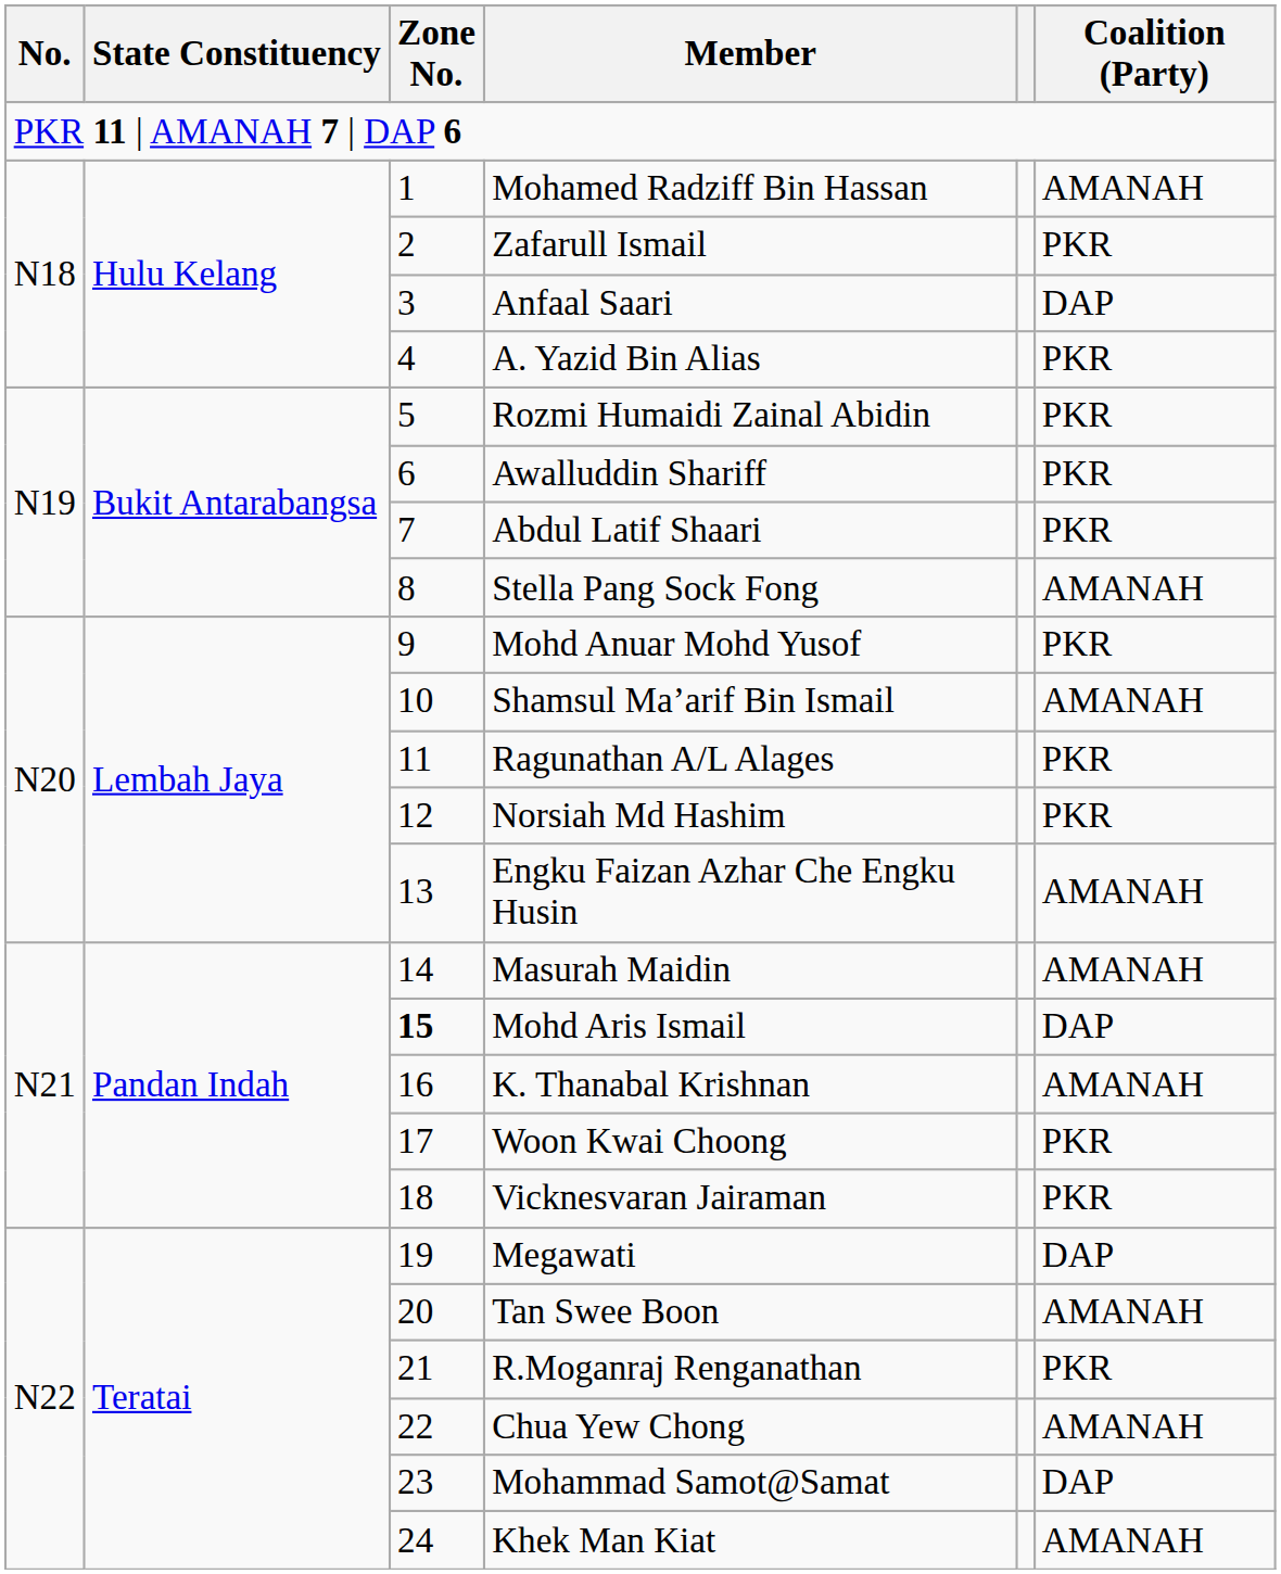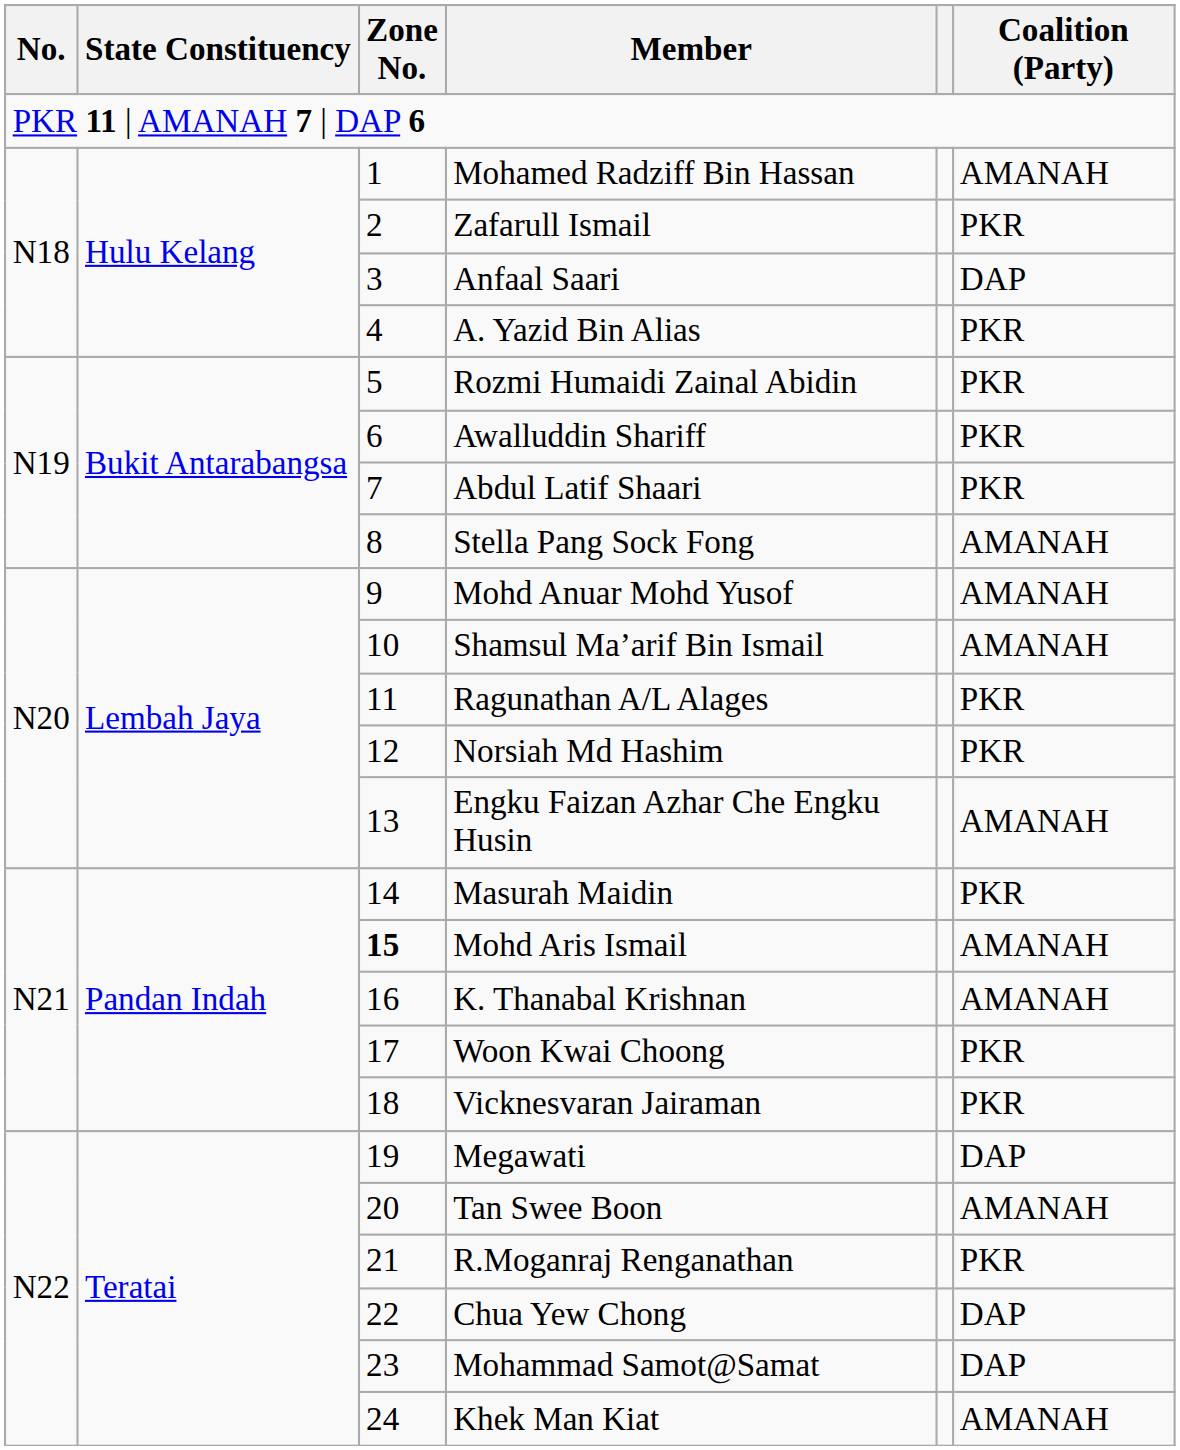 <table class="wikitable">
 <tr>
 <th>No.</th>
 <th>State Constituency</th>
 <th width="30">Zone No.</th>
 <th width="230">Member</th>
 <th></th>
 <th width="100">Coalition (Party)</th>
 </tr>
 <tr>
 <td colspan = "8"><a href='#'>PKR</a> <strong>11</strong> |  <a href='#'>AMANAH</a> <strong>7</strong> | <a href='#'>DAP</a> <strong>6</strong></td>
 </tr>
 <tr>
 <td rowspan="4">N18</td>
 <td rowspan="4"><a href='#'>Hulu Kelang</a></td>
 <td>1</td>
 <td>Mohamed Radziff Bin Hassan</td>
 <td style="background:"></td>
 <td>AMANAH</td>
 </tr>
 <tr>
 <td>2</td>
 <td>Zafarull Ismail</td>
 <td style="background:"></td>
 <td>PKR</td>
 </tr>
 <tr>
 <td>3</td>
 <td>Anfaal Saari</td>
 <td style="background:"></td>
 <td>DAP</td>
 </tr>
 <tr>
 <td>4</td>
 <td>A. Yazid Bin Alias</td>
 <td style="background:"></td>
 <td>PKR</td>
 </tr>
 <tr>
 <td rowspan="4">N19</td>
 <td rowspan="4"><a href='#'>Bukit Antarabangsa</a></td>
 <td>5</td>
 <td>Rozmi Humaidi Zainal Abidin</td>
 <td style="background:"></td>
 <td>PKR</td>
 </tr>
 <tr>
 <td>6</td>
 <td>Awalluddin Shariff</td>
 <td style="background:"></td>
 <td>PKR</td>
 </tr>
 <tr>
 <td>7</td>
 <td>Abdul Latif Shaari</td>
 <td style="background:"></td>
 <td>PKR</td>
 </tr>
 <tr>
 <td>8</td>
 <td>Stella Pang Sock Fong</td>
 <td style="background:"></td>
 <td>AMANAH</td>
 </tr>
 <tr>
 <td rowspan="5">N20</td>
 <td rowspan="5"><a href='#'>Lembah Jaya</a></td>
 <td>9</td>
 <td>Mohd Anuar Mohd Yusof</td>
 <td style="background:"></td>
-<td>PKR</td>
+<td>AMANAH</td>
 </tr>
 <tr>
 <td>10</td>
 <td>Shamsul Ma’arif Bin Ismail</td>
 <td style="background:"></td>
 <td>AMANAH</td>
 </tr>
 <tr>
 <td>11</td>
 <td>Ragunathan A/L Alages</td>
 <td style="background:"></td>
 <td>PKR</td>
 </tr>
 <tr>
 <td>12</td>
 <td>Norsiah Md Hashim</td>
 <td style="background:"></td>
 <td>PKR</td>
 </tr>
 <tr>
 <td>13</td>
 <td>Engku Faizan Azhar Che Engku Husin</td>
 <td style="background:"></td>
 <td>AMANAH</td>
 </tr>
 <tr>
 <td rowspan="5">N21</td>
 <td rowspan="5"><a href='#'>Pandan Indah</a></td>
 <td>14</td>
 <td>Masurah Maidin</td>
 <td style="background:"></td>
-<td>AMANAH</td>
+<td>PKR</td>
 </tr>
 <tr>
 <td><strong>15</strong></td>
 <td>Mohd Aris Ismail</td>
 <td style="background:"></td>
-<td>DAP</td>
+<td>AMANAH</td>
 </tr>
 <tr>
 <td>16</td>
 <td>K. Thanabal Krishnan</td>
 <td style="background:"></td>
 <td>AMANAH</td>
 </tr>
 <tr>
 <td>17</td>
 <td>Woon Kwai Choong</td>
 <td style="background:"></td>
 <td>PKR</td>
 </tr>
 <tr>
 <td>18</td>
 <td>Vicknesvaran Jairaman</td>
 <td style="background:"></td>
 <td>PKR</td>
 </tr>
 <tr>
 <td rowspan="6">N22</td>
 <td rowspan="6"><a href='#'>Teratai</a></td>
 <td>19</td>
 <td>Megawati</td>
 <td style="background:"></td>
 <td>DAP</td>
 </tr>
 <tr>
 <td>20</td>
 <td>Tan Swee Boon</td>
 <td style="background:"></td>
 <td>AMANAH</td>
 </tr>
 <tr>
 <td>21</td>
 <td>R.Moganraj Renganathan</td>
 <td style="background:"></td>
 <td>PKR</td>
 </tr>
 <tr>
 <td>22</td>
 <td>Chua Yew Chong</td>
 <td style="background:"></td>
-<td>AMANAH</td>
+<td>DAP</td>
 </tr>
 <tr>
 <td>23</td>
 <td>Mohammad Samot@Samat</td>
 <td style="background:"></td>
 <td>DAP</td>
 </tr>
 <tr>
 <td>24</td>
 <td>Khek Man Kiat</td>
 <td style="background:"></td>
 <td>AMANAH</td>
 </tr>
 </table>
